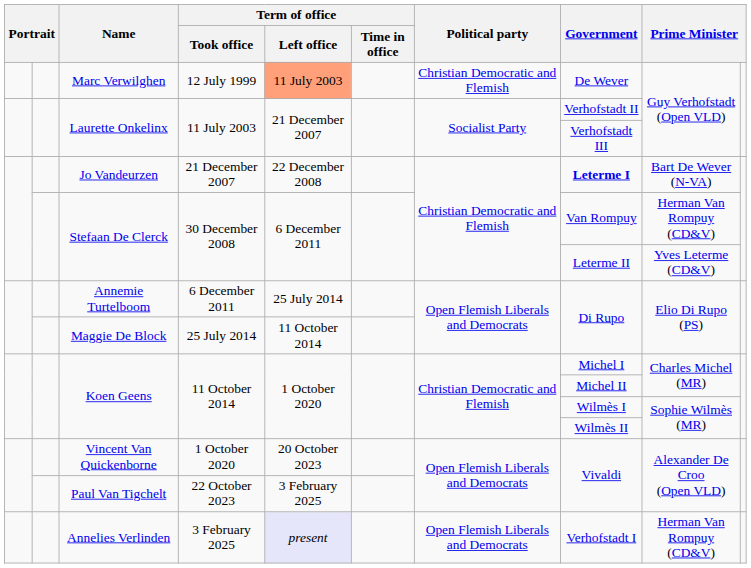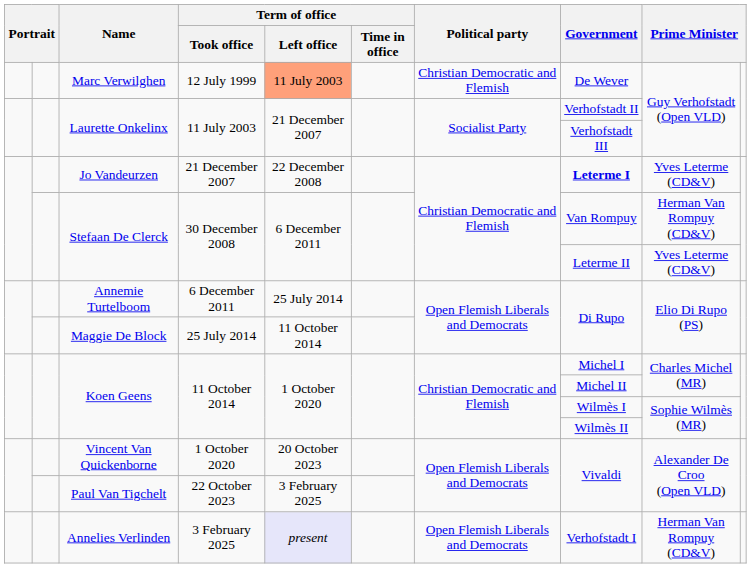 <table class="wikitable" style="text-align:center; width:100%; border:1px #AAAAFF solid">
 <tr>
 <th rowspan="2" colspan="2" width="60px">Portrait</th>
 <th rowspan="2">Name<br></th>
 <th colspan="3">Term of office</th>
 <th rowspan="2">Political party</th>
 <th rowspan="2"><a href='#'>Government</a></th>
 <th rowspan="2" colspan="2"><a href='#'>Prime Minister</a></th>
 </tr>
 <tr>
 <th>Took office</th>
 <th>Left office</th>
 <th>Time in office</th>
 </tr>
 <tr>
 <td></td>
 <td></td>
 <td><a href='#'>Marc Verwilghen</a><br></td>
 <td>12 July 1999</td>
 <td style="background: lightsalmon;">11 July 2003</td>
 <td></td>
 <td><a href='#'>Christian Democratic and Flemish</a></td>
 <td><a href='#'>De Wever</a></td>
 <td rowspan="3"><a href='#'>Guy Verhofstadt</a><br>(<a href='#'>Open VLD</a>)</td>
 <td rowspan="3"></td>
 </tr>
 <tr>
 <td rowspan="2"></td>
 <td rowspan="2"></td>
 <td rowspan="2"><a href='#'>Laurette Onkelinx</a><br></td>
 <td rowspan="2">11 July 2003</td>
 <td rowspan="2">21 December 2007</td>
 <td rowspan="2"></td>
 <td rowspan="2"><a href='#'>Socialist Party</a></td>
 <td><a href='#'>Verhofstadt II</a></td>
 </tr>
 <tr>
 <td><a href='#'>Verhofstadt III</a></td>
 </tr>
 <tr>
 <td rowspan="3"></td>
 <td></td>
 <td><a href='#'>Jo Vandeurzen</a><br></td>
 <td>21 December 2007</td>
 <td>22 December 2008</td>
 <td></td>
 <td rowspan="3"><a href='#'>Christian Democratic and Flemish</a></td>
 <td><strong><a href='#'>Leterme I</a></strong></td>
-<td><a href='#'>Bart De Wever</a><br>(<a href='#'>N-VA</a>)</td>
+<td><a href='#'>Yves Leterme</a><br>(<a href='#'>CD&V</a>)</td>
 <td rowspan="3"></td>
 </tr>
 <tr>
 <td rowspan="2"></td>
 <td rowspan="2"><a href='#'>Stefaan De Clerck</a><br></td>
 <td rowspan="2">30 December 2008</td>
 <td rowspan="2">6 December 2011</td>
 <td rowspan="2"></td>
 <td><a href='#'>Van Rompuy</a></td>
 <td><a href='#'>Herman Van Rompuy</a><br>(<a href='#'>CD&V</a>)</td>
 </tr>
 <tr>
 <td><a href='#'>Leterme II</a></td>
 <td><a href='#'>Yves Leterme</a><br>(<a href='#'>CD&V</a>)</td>
 </tr>
 <tr>
 <td rowspan="2"></td>
 <td></td>
 <td><a href='#'>Annemie Turtelboom</a><br></td>
 <td>6 December 2011</td>
 <td>25 July 2014</td>
 <td></td>
 <td rowspan="2"><a href='#'>Open Flemish Liberals and Democrats</a></td>
 <td rowspan="2"><a href='#'>Di Rupo</a></td>
 <td rowspan="2"><a href='#'>Elio Di Rupo</a><br>(<a href='#'>PS</a>)</td>
 <td rowspan="2"></td>
 </tr>
 <tr>
 <td></td>
 <td><a href='#'>Maggie De Block</a><br></td>
 <td>25 July 2014</td>
 <td>11 October 2014</td>
 <td></td>
 </tr>
 <tr>
 <td rowspan="4"></td>
 <td rowspan="4"></td>
 <td rowspan="4"><a href='#'>Koen Geens</a><br></td>
 <td rowspan="4">11 October 2014</td>
 <td rowspan="4">1 October 2020</td>
 <td rowspan="4"></td>
 <td rowspan="4"><a href='#'>Christian Democratic and Flemish</a></td>
 <td><a href='#'>Michel I</a></td>
 <td rowspan="2"><a href='#'>Charles Michel</a><br>(<a href='#'>MR</a>)</td>
 <td rowspan="4"></td>
 </tr>
 <tr>
 <td><a href='#'>Michel II</a></td>
 </tr>
 <tr>
 <td><a href='#'>Wilmès I</a></td>
 <td rowspan="2"><a href='#'>Sophie Wilmès</a><br>(<a href='#'>MR</a>)</td>
 </tr>
 <tr>
 <td><a href='#'>Wilmès II</a></td>
 </tr>
 <tr>
 <td rowspan="2"></td>
 <td></td>
 <td><a href='#'>Vincent Van Quickenborne</a><br></td>
 <td>1 October 2020</td>
 <td>20 October 2023</td>
 <td></td>
 <td rowspan="2"><a href='#'>Open Flemish Liberals and Democrats</a></td>
 <td rowspan="2"><a href='#'>Vivaldi</a></td>
 <td rowspan="2"><a href='#'>Alexander De Croo</a><br>(<a href='#'>Open VLD</a>)</td>
 <td rowspan="2"></td>
 </tr>
 <tr>
 <td></td>
 <td><a href='#'>Paul Van Tigchelt</a><br></td>
 <td>22 October 2023</td>
 <td>3 February 2025</td>
 <td></td>
 </tr>
 <tr>
 <td></td>
 <td></td>
 <td><a href='#'>Annelies Verlinden</a><br></td>
 <td>3 February 2025</td>
 <td style="background: lavender;"><em>present</em></td>
 <td></td>
 <td><a href='#'>Open Flemish Liberals and Democrats</a></td>
 <td><a href='#'>Verhofstadt I</a></td>
 <td><a href='#'>Herman Van Rompuy</a><br>(<a href='#'>CD&V</a>)</td>
 <td></td>
 </tr>
 </table>
